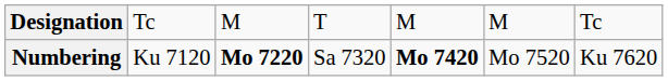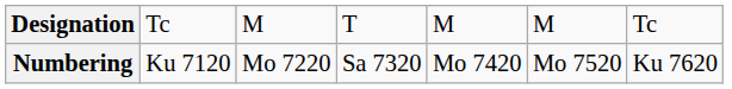 <table class="wikitable">
 <tr>
 <th>Designation</th>
 <td>Tc</td>
 <td>M</td>
 <td>T</td>
 <td>M</td>
 <td>M</td>
 <td>Tc</td>
 </tr>
 <tr>
 <th>Numbering</th>
 <td>Ku 7120</td>
-<td><strong>Mo 7220</strong></td>
+<td>Mo 7220</td>
 <td>Sa 7320</td>
-<td><strong>Mo 7420</strong></td>
+<td>Mo 7420</td>
 <td>Mo 7520</td>
 <td>Ku 7620</td>
 </tr>
 </table>
